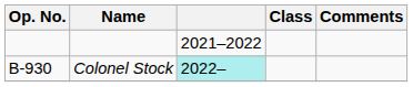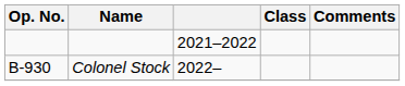 <table class="wikitable">
 <tr>
 <th>Op. No.</th>
 <th>Name</th>
 <th></th>
 <th>Class</th>
 <th>Comments</th>
 </tr>
 <tr>
 <td></td>
 <td></td>
 <td>2021–2022</td>
 <td></td>
 <td></td>
 </tr>
 <tr>
 <td>B-930</td>
 <td><em>Colonel Stock</em></td>
-<td style="background: paleturquoise;">2022–</td>
+<td>2022–</td>
 <td></td>
 <td></td>
 </tr>
 <tr>
 </tr>
 </table>
